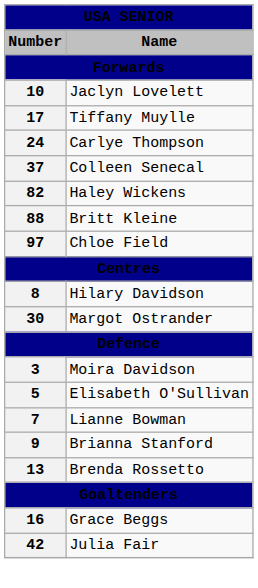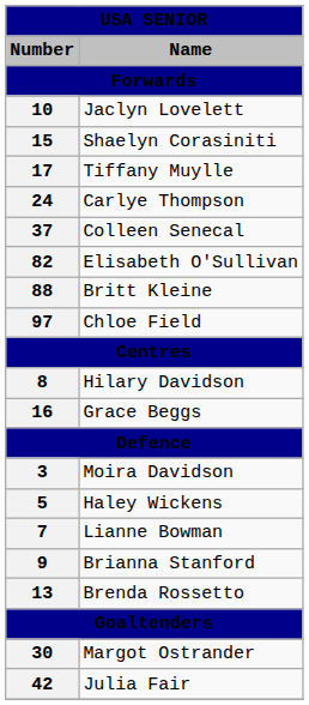 <table class="wikitable" style="text-align:left; font-size:90%;">
 <tr>
 <th style=background:DarkBlue colspan=2><span>USA SENIOR</span></th>
 </tr>
 <tr>
 <th style="background:silver;">Number</th>
 <th style="background:silver;">Name</th>
 </tr>
 <tr>
 <th style=background:DarkBlue colspan=2><span>Forwards</span></th>
 </tr>
 <tr>
 <th>10</th>
 <td>Jaclyn Lovelett</td>
 </tr>
 <tr>
+<th>15</th>
+<td>Shaelyn Corasiniti</td>
+</tr>
+<tr>
 <th>17</th>
 <td>Tiffany Muylle</td>
 </tr>
 <tr>
 <th>24</th>
 <td>Carlye Thompson</td>
 </tr>
 <tr>
 <th>37</th>
 <td>Colleen Senecal</td>
 </tr>
 <tr>
 <th>82</th>
-<td>Haley Wickens</td>
+<td>Elisabeth O'Sullivan</td>
 </tr>
 <tr>
 <th>88</th>
 <td>Britt Kleine</td>
 </tr>
 <tr>
 <th>97</th>
 <td>Chloe Field</td>
 </tr>
 <tr>
 <th style=background:DarkBlue colspan=2><span>Centres</span></th>
 </tr>
 <tr>
 <th>8</th>
 <td>Hilary Davidson</td>
 </tr>
 <tr>
-<th>30</th>
-<td>Margot Ostrander</td>
+<th>16</th>
+<td>Grace Beggs</td>
 </tr>
 <tr>
 <th style=background:DarkBlue colspan=2><span>Defence</span></th>
 </tr>
 <tr>
 <th>3</th>
 <td>Moira Davidson</td>
 </tr>
 <tr>
 <th>5</th>
-<td>Elisabeth O'Sullivan</td>
+<td>Haley Wickens</td>
 </tr>
 <tr>
 <th>7</th>
 <td>Lianne Bowman</td>
 </tr>
 <tr>
 <th>9</th>
 <td>Brianna Stanford</td>
 </tr>
 <tr>
 <th>13</th>
 <td>Brenda Rossetto</td>
 </tr>
 <tr>
 <th style=background:DarkBlue colspan=2><span>Goaltenders</span></th>
 </tr>
 <tr>
-<th>16</th>
-<td>Grace Beggs</td>
+<th>30</th>
+<td>Margot Ostrander</td>
 </tr>
 <tr>
 <th>42</th>
 <td>Julia Fair</td>
 </tr>
 <tr>
 </tr>
 </table>
